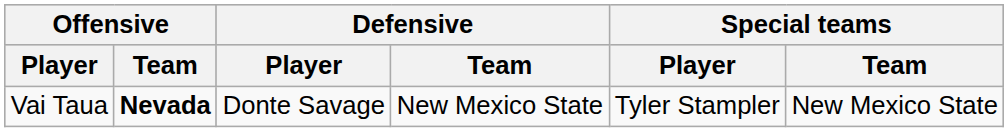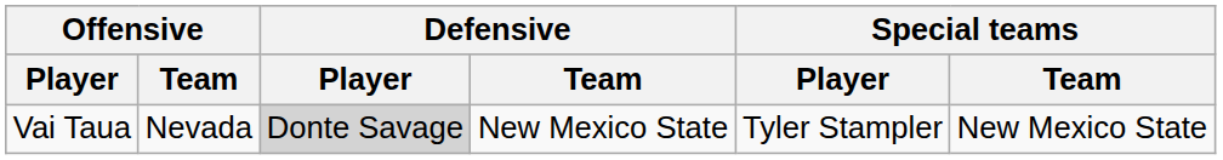 <table class="wikitable">
 <tr>
 <th colspan="2">Offensive</th>
 <th colspan="2">Defensive</th>
 <th colspan="2">Special teams</th>
 </tr>
 <tr>
 <th>Player</th>
 <th>Team</th>
 <th>Player</th>
 <th>Team</th>
 <th>Player</th>
 <th>Team</th>
 </tr>
 <tr>
 <td>Vai Taua</td>
-<td><strong>Nevada</strong></td>
-<td>Donte Savage</td>
+<td>Nevada</td>
+<td style="background: lightgrey;">Donte Savage</td>
 <td>New Mexico State</td>
 <td>Tyler Stampler</td>
 <td>New Mexico State</td>
 </tr>
 </table>
